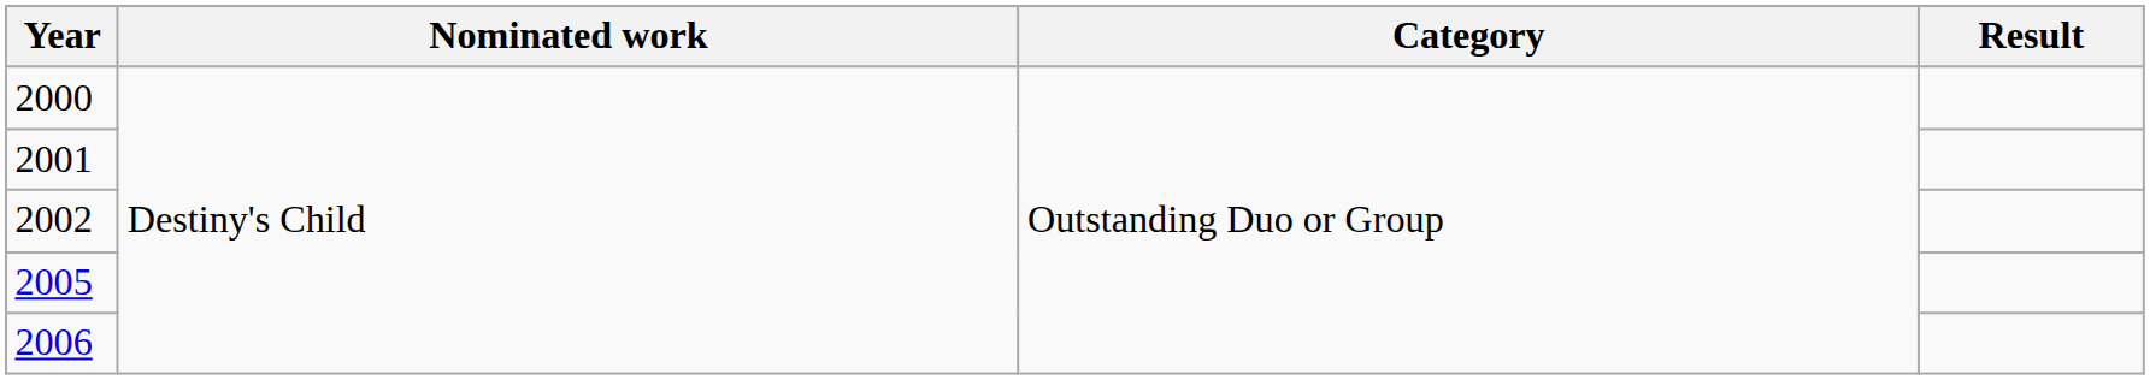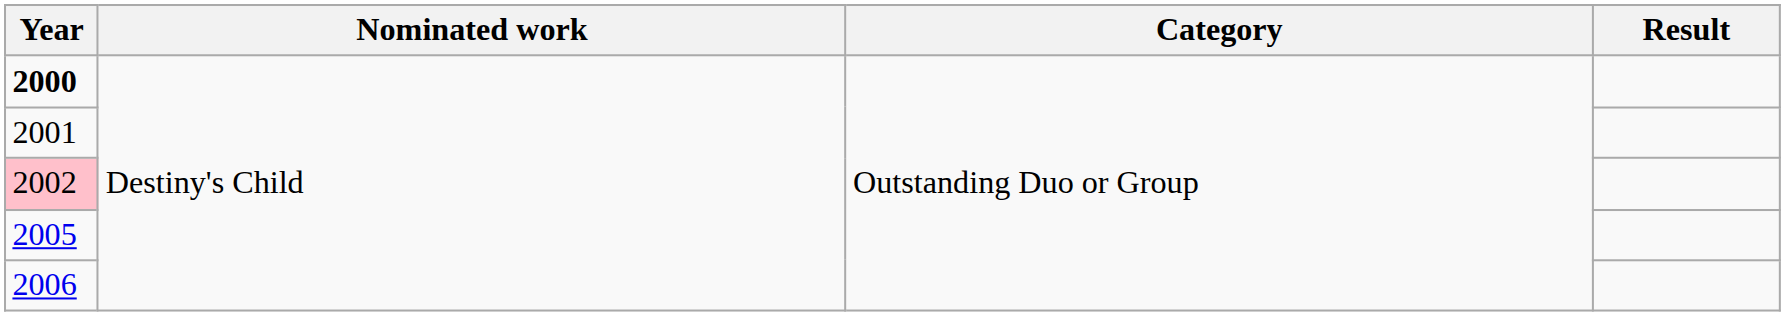 <table class="wikitable" width="100%">
 <tr>
 <th width="5%">Year</th>
 <th width="40%">Nominated work</th>
 <th width="40%">Category</th>
 <th width="10%">Result</th>
 </tr>
 <tr>
-<td>2000</td>
+<td><strong>2000</strong></td>
 <td rowspan="5">Destiny's Child</td>
 <td rowspan="5">Outstanding Duo or Group</td>
 <td></td>
 </tr>
 <tr>
 <td>2001</td>
 <td></td>
 </tr>
 <tr>
-<td>2002</td>
+<td style="background: pink;">2002</td>
 <td></td>
 </tr>
 <tr>
 <td><a href='#'>2005</a></td>
 <td></td>
 </tr>
 <tr>
 <td><a href='#'>2006</a></td>
 <td></td>
 </tr>
 </table>
